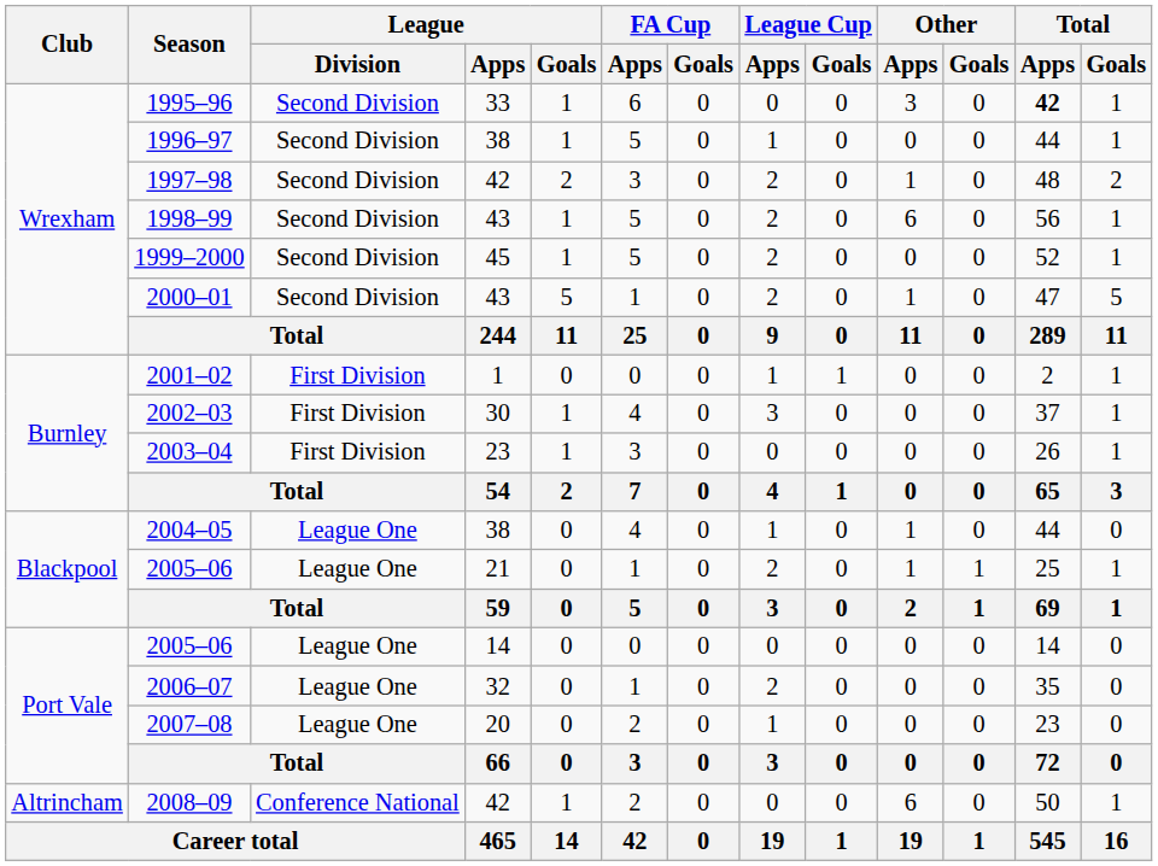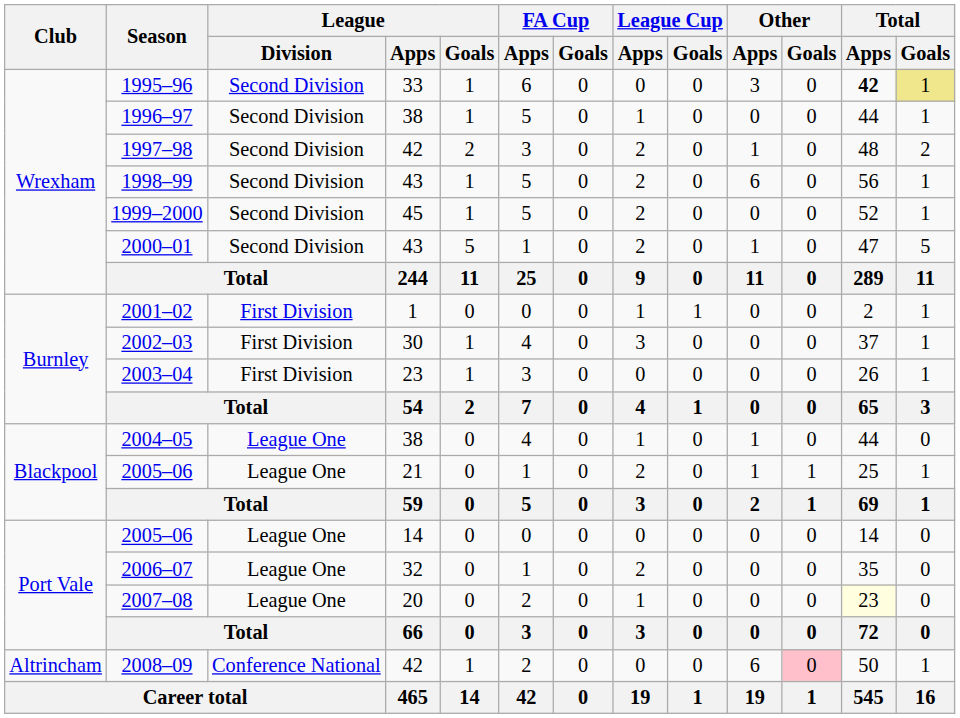 <table class="wikitable" style="text-align:center">
 <tr>
 <th rowspan="2">Club</th>
 <th rowspan="2">Season</th>
 <th colspan="3">League</th>
 <th colspan="2"><a href='#'>FA Cup</a></th>
 <th colspan="2"><a href='#'>League Cup</a></th>
 <th colspan="2">Other</th>
 <th colspan="2">Total</th>
 </tr>
 <tr>
 <th>Division</th>
 <th>Apps</th>
 <th>Goals</th>
 <th>Apps</th>
 <th>Goals</th>
 <th>Apps</th>
 <th>Goals</th>
 <th>Apps</th>
 <th>Goals</th>
 <th>Apps</th>
 <th>Goals</th>
 </tr>
 <tr>
 <td rowspan="7"><a href='#'>Wrexham</a></td>
 <td><a href='#'>1995–96</a></td>
 <td><a href='#'>Second Division</a></td>
 <td>33</td>
 <td>1</td>
 <td>6</td>
 <td>0</td>
 <td>0</td>
 <td>0</td>
 <td>3</td>
 <td>0</td>
 <td><strong>42</strong></td>
-<td>1</td>
+<td style="background: khaki;">1</td>
 </tr>
 <tr>
 <td><a href='#'>1996–97</a></td>
 <td>Second Division</td>
 <td>38</td>
 <td>1</td>
 <td>5</td>
 <td>0</td>
 <td>1</td>
 <td>0</td>
 <td>0</td>
 <td>0</td>
 <td>44</td>
 <td>1</td>
 </tr>
 <tr>
 <td><a href='#'>1997–98</a></td>
 <td>Second Division</td>
 <td>42</td>
 <td>2</td>
 <td>3</td>
 <td>0</td>
 <td>2</td>
 <td>0</td>
 <td>1</td>
 <td>0</td>
 <td>48</td>
 <td>2</td>
 </tr>
 <tr>
 <td><a href='#'>1998–99</a></td>
 <td>Second Division</td>
 <td>43</td>
 <td>1</td>
 <td>5</td>
 <td>0</td>
 <td>2</td>
 <td>0</td>
 <td>6</td>
 <td>0</td>
 <td>56</td>
 <td>1</td>
 </tr>
 <tr>
 <td><a href='#'>1999–2000</a></td>
 <td>Second Division</td>
 <td>45</td>
 <td>1</td>
 <td>5</td>
 <td>0</td>
 <td>2</td>
 <td>0</td>
 <td>0</td>
 <td>0</td>
 <td>52</td>
 <td>1</td>
 </tr>
 <tr>
 <td><a href='#'>2000–01</a></td>
 <td>Second Division</td>
 <td>43</td>
 <td>5</td>
 <td>1</td>
 <td>0</td>
 <td>2</td>
 <td>0</td>
 <td>1</td>
 <td>0</td>
 <td>47</td>
 <td>5</td>
 </tr>
 <tr>
 <th colspan="2">Total</th>
 <th>244</th>
 <th>11</th>
 <th>25</th>
 <th>0</th>
 <th>9</th>
 <th>0</th>
 <th>11</th>
 <th>0</th>
 <th>289</th>
 <th>11</th>
 </tr>
 <tr>
 <td rowspan="4"><a href='#'>Burnley</a></td>
 <td><a href='#'>2001–02</a></td>
 <td><a href='#'>First Division</a></td>
 <td>1</td>
 <td>0</td>
 <td>0</td>
 <td>0</td>
 <td>1</td>
 <td>1</td>
 <td>0</td>
 <td>0</td>
 <td>2</td>
 <td>1</td>
 </tr>
 <tr>
 <td><a href='#'>2002–03</a></td>
 <td>First Division</td>
 <td>30</td>
 <td>1</td>
 <td>4</td>
 <td>0</td>
 <td>3</td>
 <td>0</td>
 <td>0</td>
 <td>0</td>
 <td>37</td>
 <td>1</td>
 </tr>
 <tr>
 <td><a href='#'>2003–04</a></td>
 <td>First Division</td>
 <td>23</td>
 <td>1</td>
 <td>3</td>
 <td>0</td>
 <td>0</td>
 <td>0</td>
 <td>0</td>
 <td>0</td>
 <td>26</td>
 <td>1</td>
 </tr>
 <tr>
 <th colspan="2">Total</th>
 <th>54</th>
 <th>2</th>
 <th>7</th>
 <th>0</th>
 <th>4</th>
 <th>1</th>
 <th>0</th>
 <th>0</th>
 <th>65</th>
 <th>3</th>
 </tr>
 <tr>
 <td rowspan="3"><a href='#'>Blackpool</a></td>
 <td><a href='#'>2004–05</a></td>
 <td><a href='#'>League One</a></td>
 <td>38</td>
 <td>0</td>
 <td>4</td>
 <td>0</td>
 <td>1</td>
 <td>0</td>
 <td>1</td>
 <td>0</td>
 <td>44</td>
 <td>0</td>
 </tr>
 <tr>
 <td><a href='#'>2005–06</a></td>
 <td>League One</td>
 <td>21</td>
 <td>0</td>
 <td>1</td>
 <td>0</td>
 <td>2</td>
 <td>0</td>
 <td>1</td>
 <td>1</td>
 <td>25</td>
 <td>1</td>
 </tr>
 <tr>
 <th colspan="2">Total</th>
 <th>59</th>
 <th>0</th>
 <th>5</th>
 <th>0</th>
 <th>3</th>
 <th>0</th>
 <th>2</th>
 <th>1</th>
 <th>69</th>
 <th>1</th>
 </tr>
 <tr>
 <td rowspan="4"><a href='#'>Port Vale</a></td>
 <td><a href='#'>2005–06</a></td>
 <td>League One</td>
 <td>14</td>
 <td>0</td>
 <td>0</td>
 <td>0</td>
 <td>0</td>
 <td>0</td>
 <td>0</td>
 <td>0</td>
 <td>14</td>
 <td>0</td>
 </tr>
 <tr>
 <td><a href='#'>2006–07</a></td>
 <td>League One</td>
 <td>32</td>
 <td>0</td>
 <td>1</td>
 <td>0</td>
 <td>2</td>
 <td>0</td>
 <td>0</td>
 <td>0</td>
 <td>35</td>
 <td>0</td>
 </tr>
 <tr>
 <td><a href='#'>2007–08</a></td>
 <td>League One</td>
 <td>20</td>
 <td>0</td>
 <td>2</td>
 <td>0</td>
 <td>1</td>
 <td>0</td>
 <td>0</td>
 <td>0</td>
-<td>23</td>
+<td style="background: lightyellow;">23</td>
 <td>0</td>
 </tr>
 <tr>
 <th colspan="2">Total</th>
 <th>66</th>
 <th>0</th>
 <th>3</th>
 <th>0</th>
 <th>3</th>
 <th>0</th>
 <th>0</th>
 <th>0</th>
 <th>72</th>
 <th>0</th>
 </tr>
 <tr>
 <td><a href='#'>Altrincham</a></td>
 <td><a href='#'>2008–09</a></td>
 <td><a href='#'>Conference National</a></td>
 <td>42</td>
 <td>1</td>
 <td>2</td>
 <td>0</td>
 <td>0</td>
 <td>0</td>
 <td>6</td>
-<td>0</td>
+<td style="background: pink;">0</td>
 <td>50</td>
 <td>1</td>
 </tr>
 <tr>
 <th colspan="3">Career total</th>
 <th>465</th>
 <th>14</th>
 <th>42</th>
 <th>0</th>
 <th>19</th>
 <th>1</th>
 <th>19</th>
 <th>1</th>
 <th>545</th>
 <th>16</th>
 </tr>
 </table>
